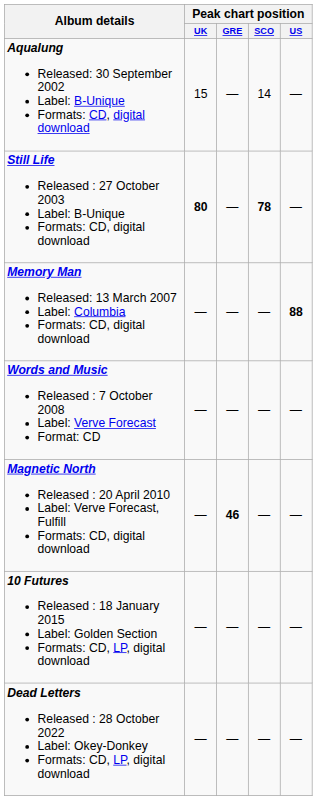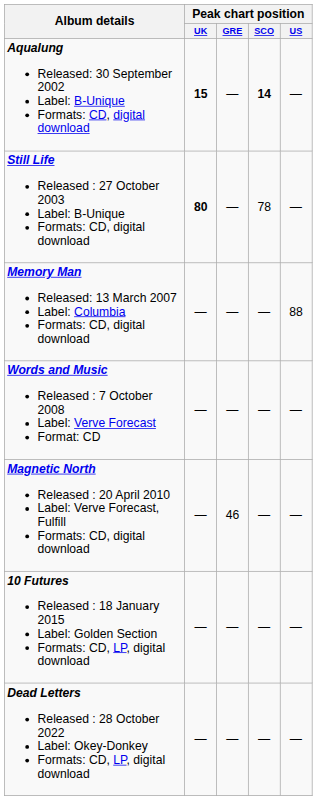 <table class="wikitable" style=text-align:center;>
 <tr>
 <th rowspan="2" width="230">Album details</th>
 <th colspan="4">Peak chart position</th>
 </tr>
 <tr>
 <th style="width:3em;font-size:75%"><a href='#'>UK</a><br></th>
 <th style="width:3em;font-size:75%"><a href='#'>GRE</a><br></th>
 <th style="width:3em;font-size:75%"><a href='#'>SCO</a><br></th>
 <th style="width:3em;font-size:75%"><a href='#'>US</a><br></th>
 </tr>
 <tr>
 <td align="left"><strong><em>Aqualung</em></strong><br><ul><li>Released: 30 September 2002</li><li>Label: <a href='#'>B-Unique</a></li><li>Formats: <a href='#'>CD</a>, <a href='#'>digital download</a></li></ul></td>
-<td>15</td>
+<td><strong>15</strong></td>
 <td>—</td>
-<td>14</td>
+<td><strong>14</strong></td>
 <td>—</td>
 </tr>
 <tr>
 <td align="left"><strong><em><a href='#'>Still Life</a></em></strong><br><ul><li>Released : 27 October 2003</li><li>Label: B-Unique</li><li>Formats: CD, digital download</li></ul></td>
 <td><strong>80</strong></td>
 <td>—</td>
-<td><strong>78</strong></td>
+<td>78</td>
 <td>—</td>
 </tr>
 <tr>
 <td align="left"><strong><em><a href='#'>Memory Man</a></em></strong><br><ul><li>Released: 13 March 2007</li><li>Label: <a href='#'>Columbia</a></li><li>Formats: CD, digital download</li></ul></td>
 <td>—</td>
 <td>—</td>
 <td>—</td>
-<td><strong>88</strong></td>
+<td>88</td>
 </tr>
 <tr>
 <td align="left"><strong><em><a href='#'>Words and Music</a></em></strong><br><ul><li>Released : 7 October 2008</li><li>Label: <a href='#'>Verve Forecast</a></li><li>Format: CD</li></ul></td>
 <td>—</td>
 <td>—</td>
 <td>—</td>
 <td>—</td>
 </tr>
 <tr>
 <td align="left"><strong><em><a href='#'>Magnetic North</a></em></strong><br><ul><li>Released : 20 April 2010</li><li>Label: Verve Forecast, Fulfill</li><li>Formats: CD, digital download</li></ul></td>
 <td>—</td>
-<td><strong>46</strong></td>
+<td>46</td>
 <td>—</td>
 <td>—</td>
 </tr>
 <tr>
 <td align="left"><strong><em>10 Futures</em></strong><br><ul><li>Released : 18 January 2015</li><li>Label: Golden Section</li><li>Formats: CD, <a href='#'>LP</a>, digital download</li></ul></td>
 <td>—</td>
 <td>—</td>
 <td>—</td>
 <td>—</td>
 </tr>
 <tr>
 <td align="left"><strong><em>Dead Letters</em></strong><br><ul><li>Released : 28 October 2022</li><li>Label: Okey-Donkey</li><li>Formats: CD, <a href='#'>LP</a>, digital download</li></ul></td>
 <td>—</td>
 <td>—</td>
 <td>—</td>
 <td>—</td>
 </tr>
 </table>
